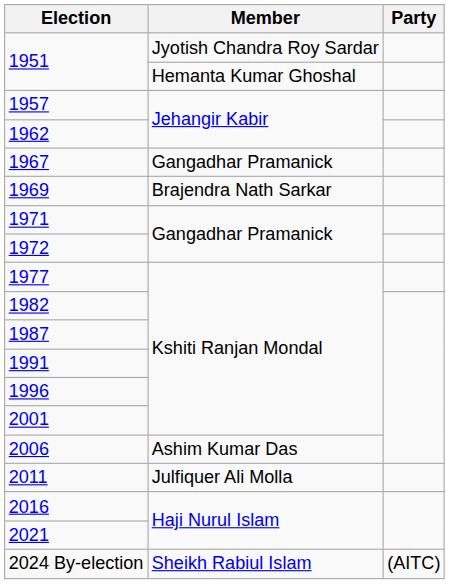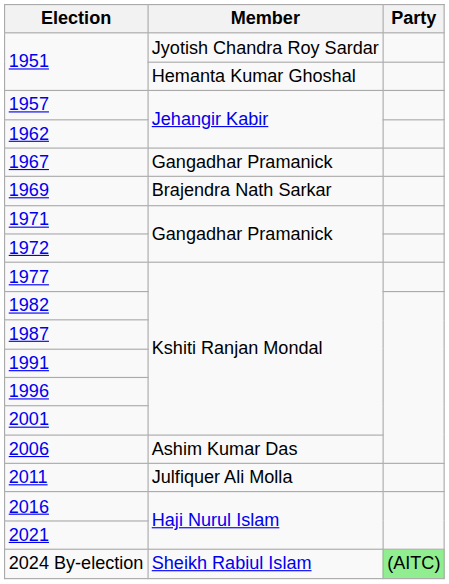 <table class="wikitable sortable">
 <tr>
 <th>Election</th>
 <th>Member</th>
 <th colspan=2>Party</th>
 </tr>
 <tr>
 <td rowspan=2><a href='#'>1951</a></td>
 <td>Jyotish Chandra Roy Sardar</td>
 <td></td>
 </tr>
 <tr>
 <td>Hemanta Kumar Ghoshal</td>
 <td></td>
 </tr>
 <tr>
 <td><a href='#'>1957</a></td>
 <td rowspan=2><a href='#'>Jehangir Kabir</a></td>
 <td></td>
 </tr>
 <tr>
 <td><a href='#'>1962</a></td>
 </tr>
 <tr>
 <td><a href='#'>1967</a></td>
 <td>Gangadhar Pramanick</td>
 <td></td>
 </tr>
 <tr>
 <td><a href='#'>1969</a></td>
 <td>Brajendra Nath Sarkar</td>
 </tr>
 <tr>
 <td><a href='#'>1971</a></td>
 <td rowspan=2>Gangadhar Pramanick</td>
 <td></td>
 </tr>
 <tr>
 <td><a href='#'>1972</a></td>
 </tr>
 <tr>
 <td><a href='#'>1977</a></td>
 <td rowspan=6>Kshiti Ranjan Mondal</td>
 <td></td>
 </tr>
 <tr>
 <td><a href='#'>1982</a></td>
 </tr>
 <tr>
 <td><a href='#'>1987</a></td>
 </tr>
 <tr>
 <td><a href='#'>1991</a></td>
 </tr>
 <tr>
 <td><a href='#'>1996</a></td>
 </tr>
 <tr>
 <td><a href='#'>2001</a></td>
 </tr>
 <tr>
 <td><a href='#'>2006</a></td>
 <td>Ashim Kumar Das</td>
 </tr>
 <tr>
 <td><a href='#'>2011</a></td>
 <td>Julfiquer Ali Molla</td>
 <td></td>
 </tr>
 <tr>
 <td><a href='#'>2016</a></td>
 <td rowspan=2><a href='#'>Haji Nurul Islam</a></td>
 </tr>
 <tr>
 <td><a href='#'>2021</a></td>
 </tr>
 <tr>
 <td>2024 By-election</td>
 <td><a href='#'>Sheikh Rabiul Islam</a></td>
-<td>(AITC)</td>
+<td style="background: lightgreen;">(AITC)</td>
 </tr>
 </table>
